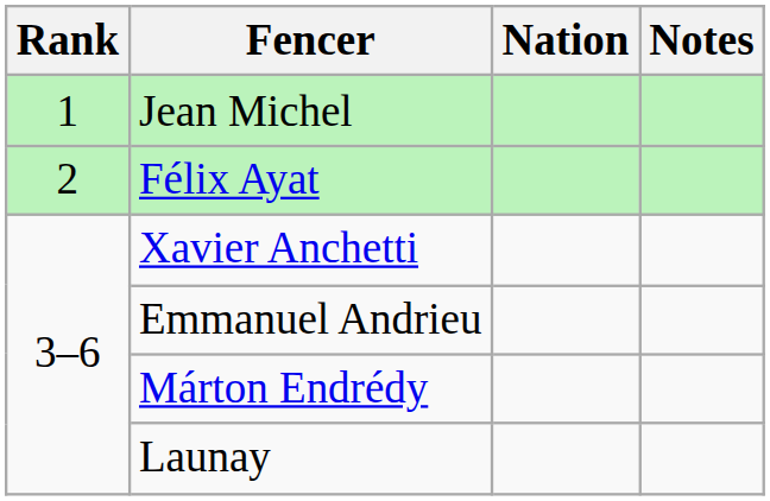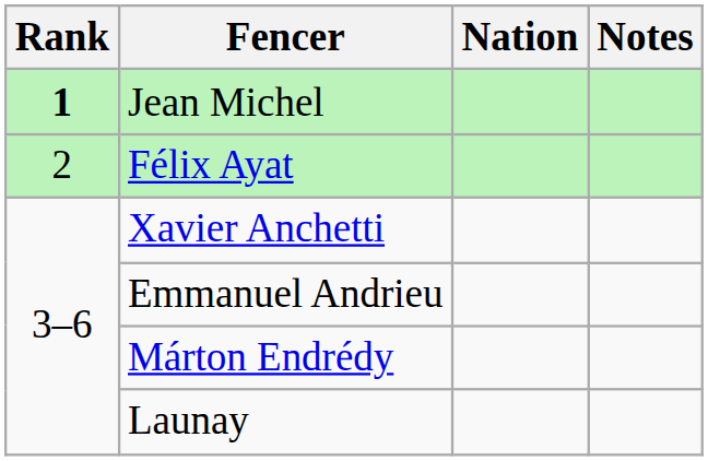 <table class="wikitable sortable" style="text-align:center">
 <tr>
 <th>Rank</th>
 <th>Fencer</th>
 <th>Nation</th>
 <th>Notes</th>
 </tr>
 <tr bgcolor=bbf3bb>
-<td>1</td>
+<td><strong>1</strong></td>
 <td align=left>Jean Michel</td>
 <td align=left></td>
 <td></td>
 </tr>
 <tr bgcolor=bbf3bb>
 <td>2</td>
 <td align=left><a href='#'>Félix Ayat</a></td>
 <td align=left></td>
 <td></td>
 </tr>
 <tr>
 <td rowspan=4>3–6</td>
 <td align=left><a href='#'>Xavier Anchetti</a></td>
 <td align=left></td>
 <td></td>
 </tr>
 <tr>
 <td align=left>Emmanuel Andrieu</td>
 <td align=left></td>
 <td></td>
 </tr>
 <tr>
 <td align=left><a href='#'>Márton Endrédy</a></td>
 <td align=left></td>
 <td></td>
 </tr>
 <tr>
 <td align=left>Launay</td>
 <td align=left></td>
 <td></td>
 </tr>
 </table>
